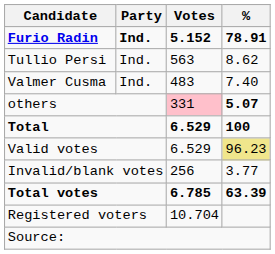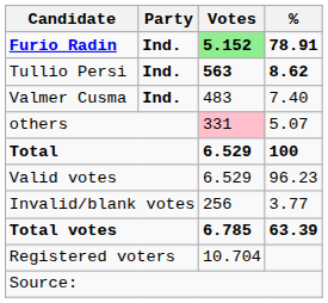 <table class="wikitable" style="text-align: left;">
 <tr>
 <th>Candidate</th>
 <th>Party</th>
 <th>Votes</th>
 <th>%</th>
 </tr>
 <tr>
 <td><strong><a href='#'>Furio Radin</a></strong></td>
 <td><strong>Ind.</strong></td>
-<td><strong>5.152</strong></td>
+<td style="background: lightgreen;"><strong>5.152</strong></td>
 <td><strong>78.91</strong></td>
 </tr>
 <tr>
 <td>Tullio Persi</td>
-<td>Ind.</td>
-<td>563</td>
-<td>8.62</td>
+<td><strong>Ind.</strong></td>
+<td><strong>563</strong></td>
+<td><strong>8.62</strong></td>
 </tr>
 <tr>
 <td>Valmer Cusma</td>
-<td>Ind.</td>
+<td><strong>Ind.</strong></td>
 <td>483</td>
 <td>7.40</td>
 </tr>
 <tr>
 <td colspan="2">others</td>
 <td style="background: pink;">331</td>
-<td><strong>5.07</strong></td>
+<td>5.07</td>
 </tr>
 <tr>
 <td colspan="2"><strong>Total</strong></td>
 <td><strong>6.529</strong></td>
 <td><strong>100</strong></td>
 </tr>
 <tr>
 <td colspan="2">Valid votes</td>
 <td>6.529</td>
-<td style="background: khaki;">96.23</td>
+<td>96.23</td>
 </tr>
 <tr>
 <td colspan="2">Invalid/blank votes</td>
 <td>256</td>
 <td>3.77</td>
 </tr>
 <tr>
 <td colspan="2"><strong>Total votes</strong></td>
 <td><strong>6.785</strong></td>
 <td><strong>63.39</strong></td>
 </tr>
 <tr>
 <td colspan="2">Registered voters</td>
 <td>10.704</td>
 <td></td>
 </tr>
 <tr>
 <td colspan="4">Source: </td>
 </tr>
 </table>
